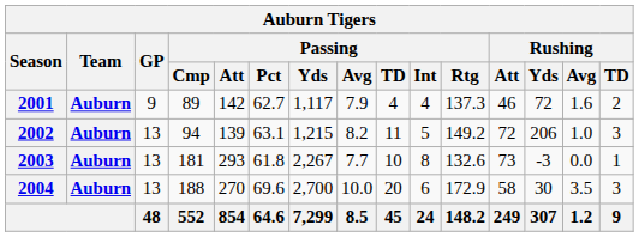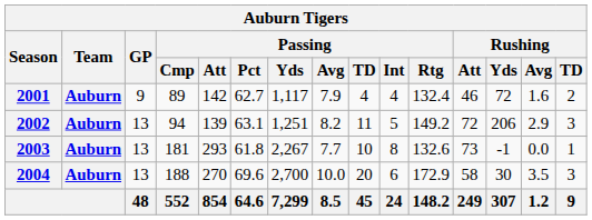 <table class=wikitable style="text-align:center;">
 <tr>
 <th colspan="18">Auburn Tigers</th>
 </tr>
 <tr>
 <th rowspan="2">Season</th>
 <th rowspan="2">Team</th>
 <th rowspan="2">GP</th>
 <th colspan="8">Passing</th>
 <th colspan="4">Rushing</th>
 </tr>
 <tr>
 <th>Cmp</th>
 <th>Att</th>
 <th>Pct</th>
 <th>Yds</th>
 <th>Avg</th>
 <th>TD</th>
 <th>Int</th>
 <th>Rtg</th>
 <th>Att</th>
 <th>Yds</th>
 <th>Avg</th>
 <th>TD</th>
 </tr>
 <tr>
 <th><a href='#'>2001</a></th>
 <th><a href='#'>Auburn</a></th>
 <td>9</td>
 <td>89</td>
 <td>142</td>
 <td>62.7</td>
 <td>1,117</td>
 <td>7.9</td>
 <td>4</td>
 <td>4</td>
-<td>137.3</td>
+<td>132.4</td>
 <td>46</td>
 <td>72</td>
 <td>1.6</td>
 <td>2</td>
 </tr>
 <tr>
 <th><a href='#'>2002</a></th>
 <th><a href='#'>Auburn</a></th>
 <td>13</td>
 <td>94</td>
 <td>139</td>
 <td>63.1</td>
-<td>1,215</td>
+<td>1,251</td>
 <td>8.2</td>
 <td>11</td>
 <td>5</td>
 <td>149.2</td>
 <td>72</td>
 <td>206</td>
-<td>1.0</td>
+<td>2.9</td>
 <td>3</td>
 </tr>
 <tr>
 <th><a href='#'>2003</a></th>
 <th><a href='#'>Auburn</a></th>
 <td>13</td>
 <td>181</td>
 <td>293</td>
 <td>61.8</td>
 <td>2,267</td>
 <td>7.7</td>
 <td>10</td>
 <td>8</td>
 <td>132.6</td>
 <td>73</td>
-<td>-3</td>
+<td>-1</td>
 <td>0.0</td>
 <td>1</td>
 </tr>
 <tr>
 <th><a href='#'>2004</a></th>
 <th><a href='#'>Auburn</a></th>
 <td>13</td>
 <td>188</td>
 <td>270</td>
 <td>69.6</td>
 <td>2,700</td>
 <td>10.0</td>
 <td>20</td>
 <td>6</td>
 <td>172.9</td>
 <td>58</td>
 <td>30</td>
 <td>3.5</td>
 <td>3</td>
 </tr>
 <tr>
 <th colspan="2"></th>
 <th>48</th>
 <th>552</th>
 <th>854</th>
 <th>64.6</th>
 <th>7,299</th>
 <th>8.5</th>
 <th>45</th>
 <th>24</th>
 <th>148.2</th>
 <th>249</th>
 <th>307</th>
 <th>1.2</th>
 <th>9</th>
 </tr>
 </table>
